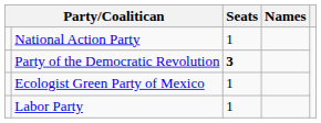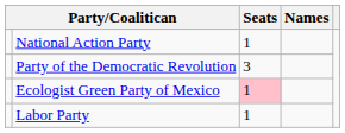 <table class="wikitable">
 <tr>
 <th colspan="2"><strong>Party/Coalitican</strong></th>
 <th>Seats</th>
 <th>Names</th>
 <th></th>
 </tr>
 <tr>
 <td></td>
 <td><a href='#'>National Action Party</a></td>
 <td>1</td>
 <td></td>
 </tr>
 <tr>
 <td></td>
 <td><a href='#'>Party of the Democratic Revolution</a></td>
-<td><strong>3</strong></td>
+<td>3</td>
 <td></td>
 </tr>
 <tr>
 <td></td>
 <td><a href='#'>Ecologist Green Party of Mexico</a></td>
-<td>1</td>
+<td style="background: pink;">1</td>
 <td></td>
 </tr>
 <tr>
 <td></td>
 <td><a href='#'>Labor Party</a></td>
 <td>1</td>
 <td></td>
 </tr>
 </table>
